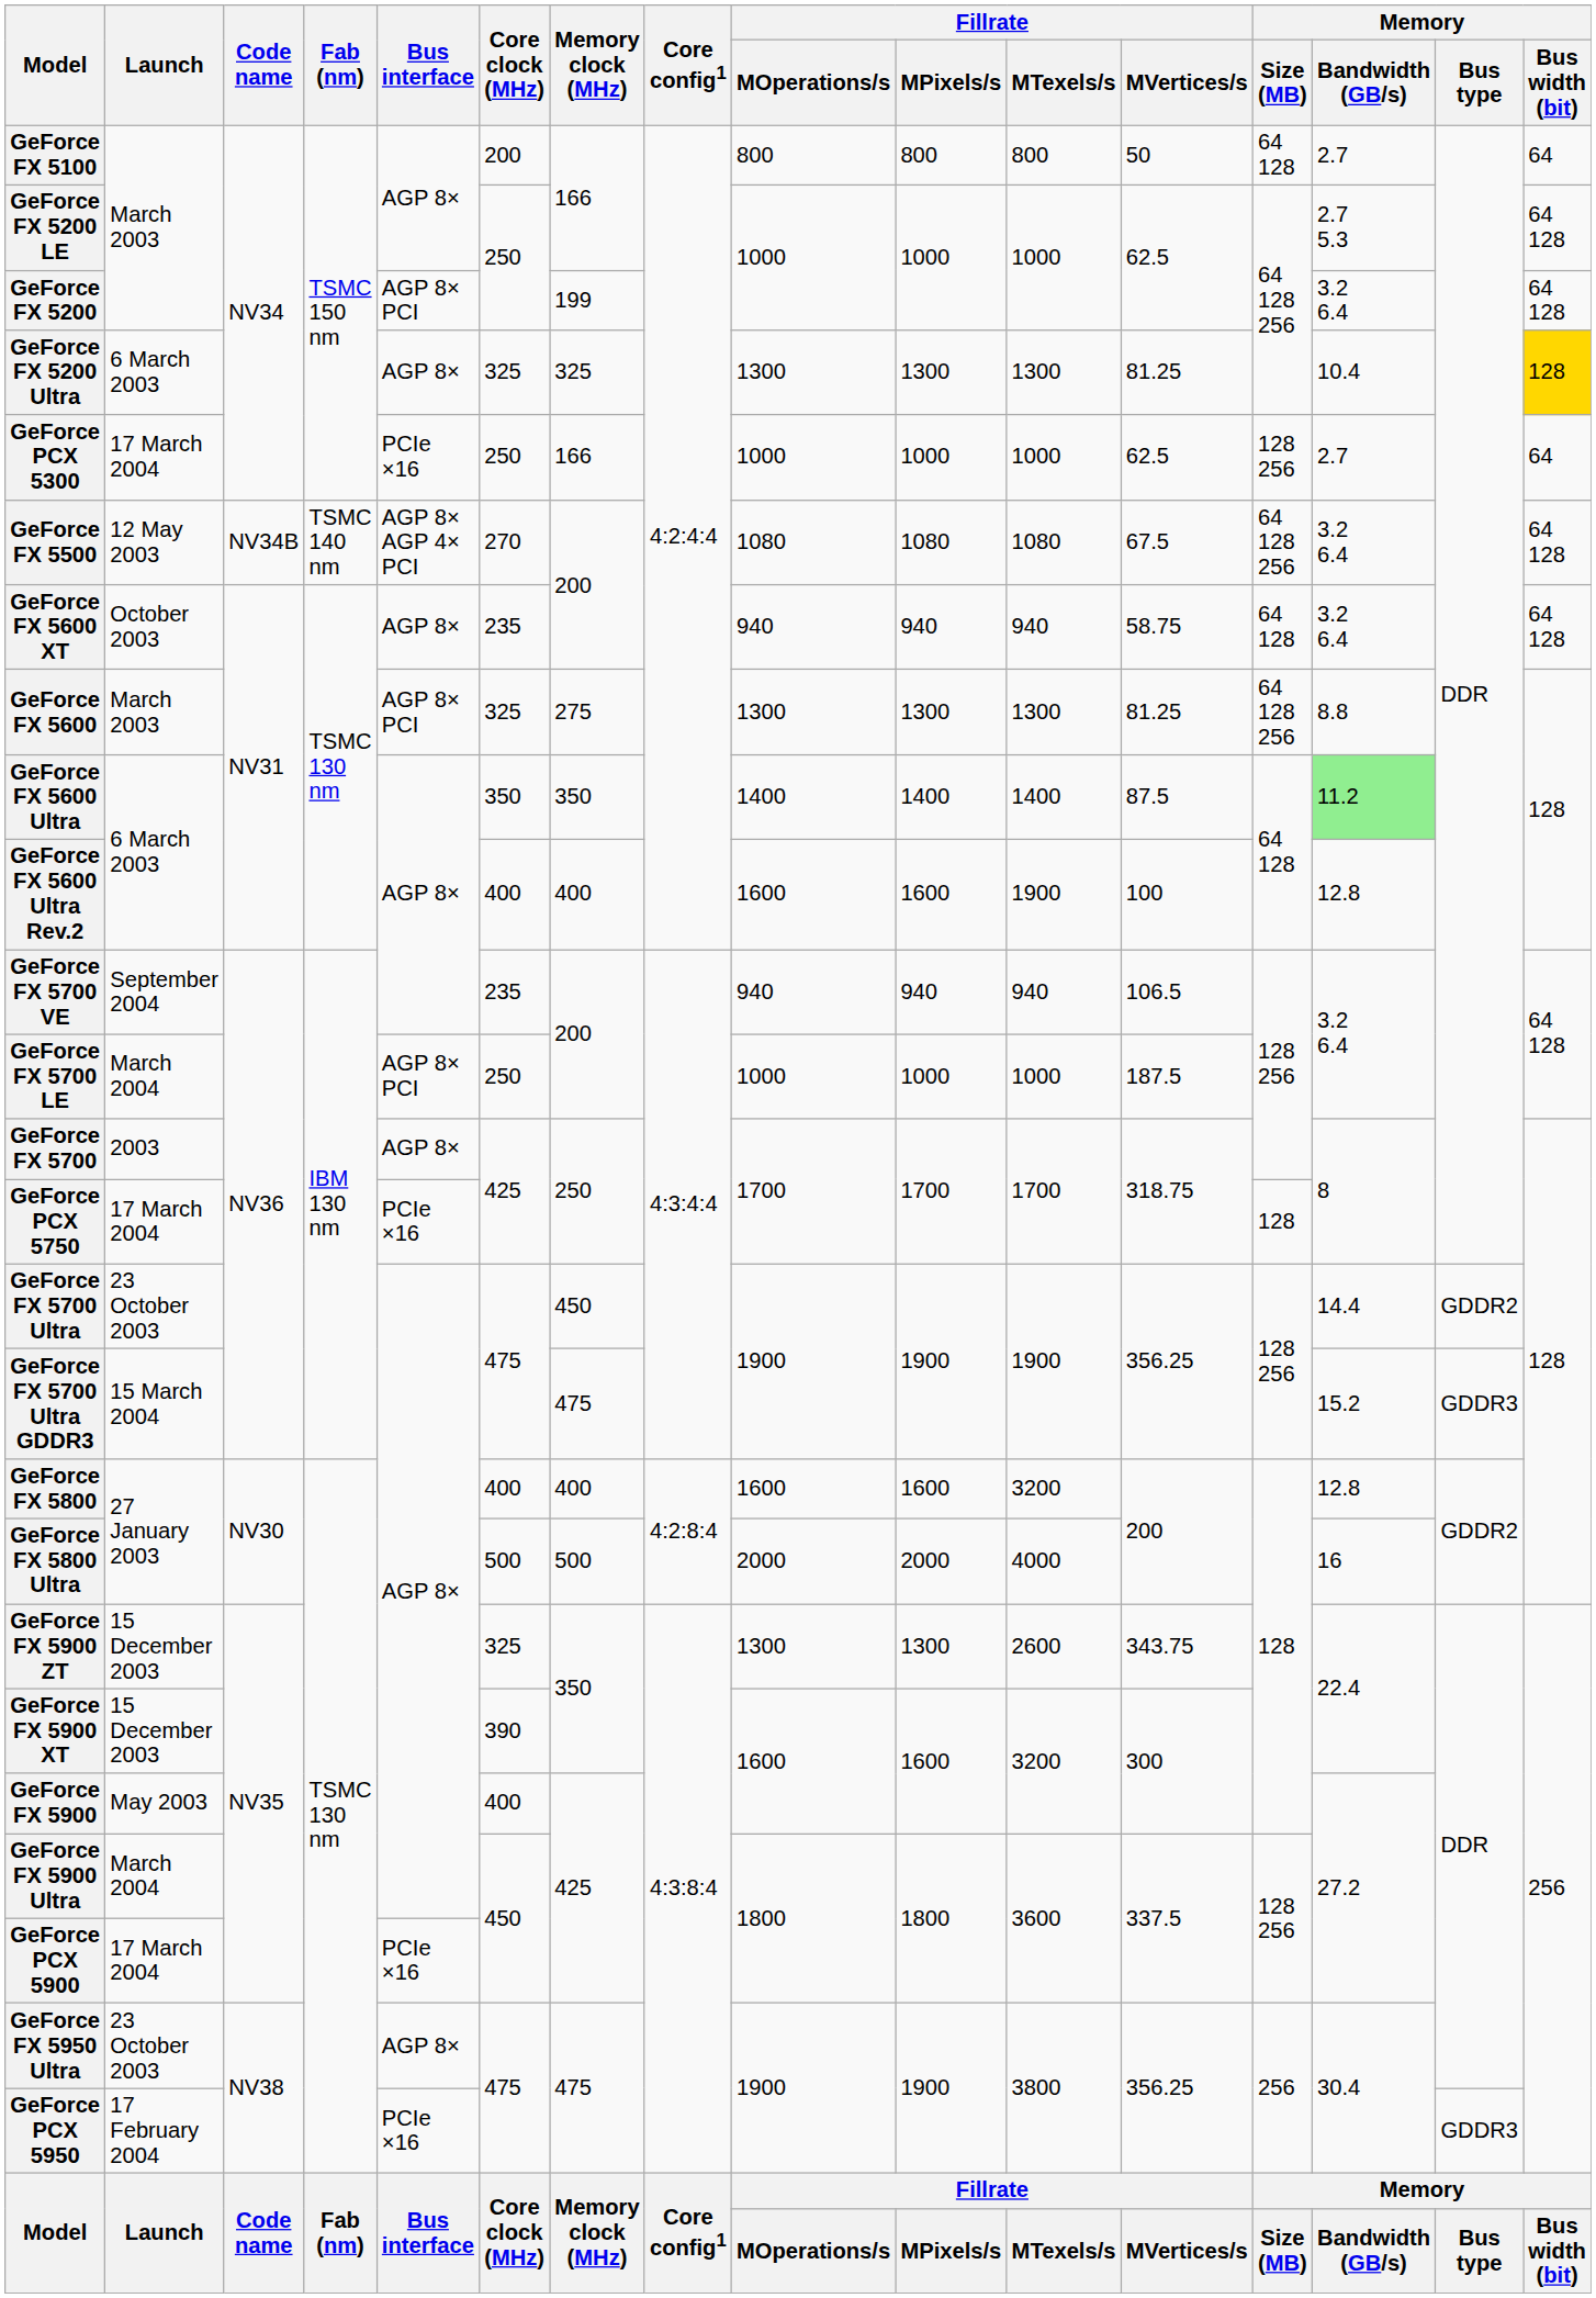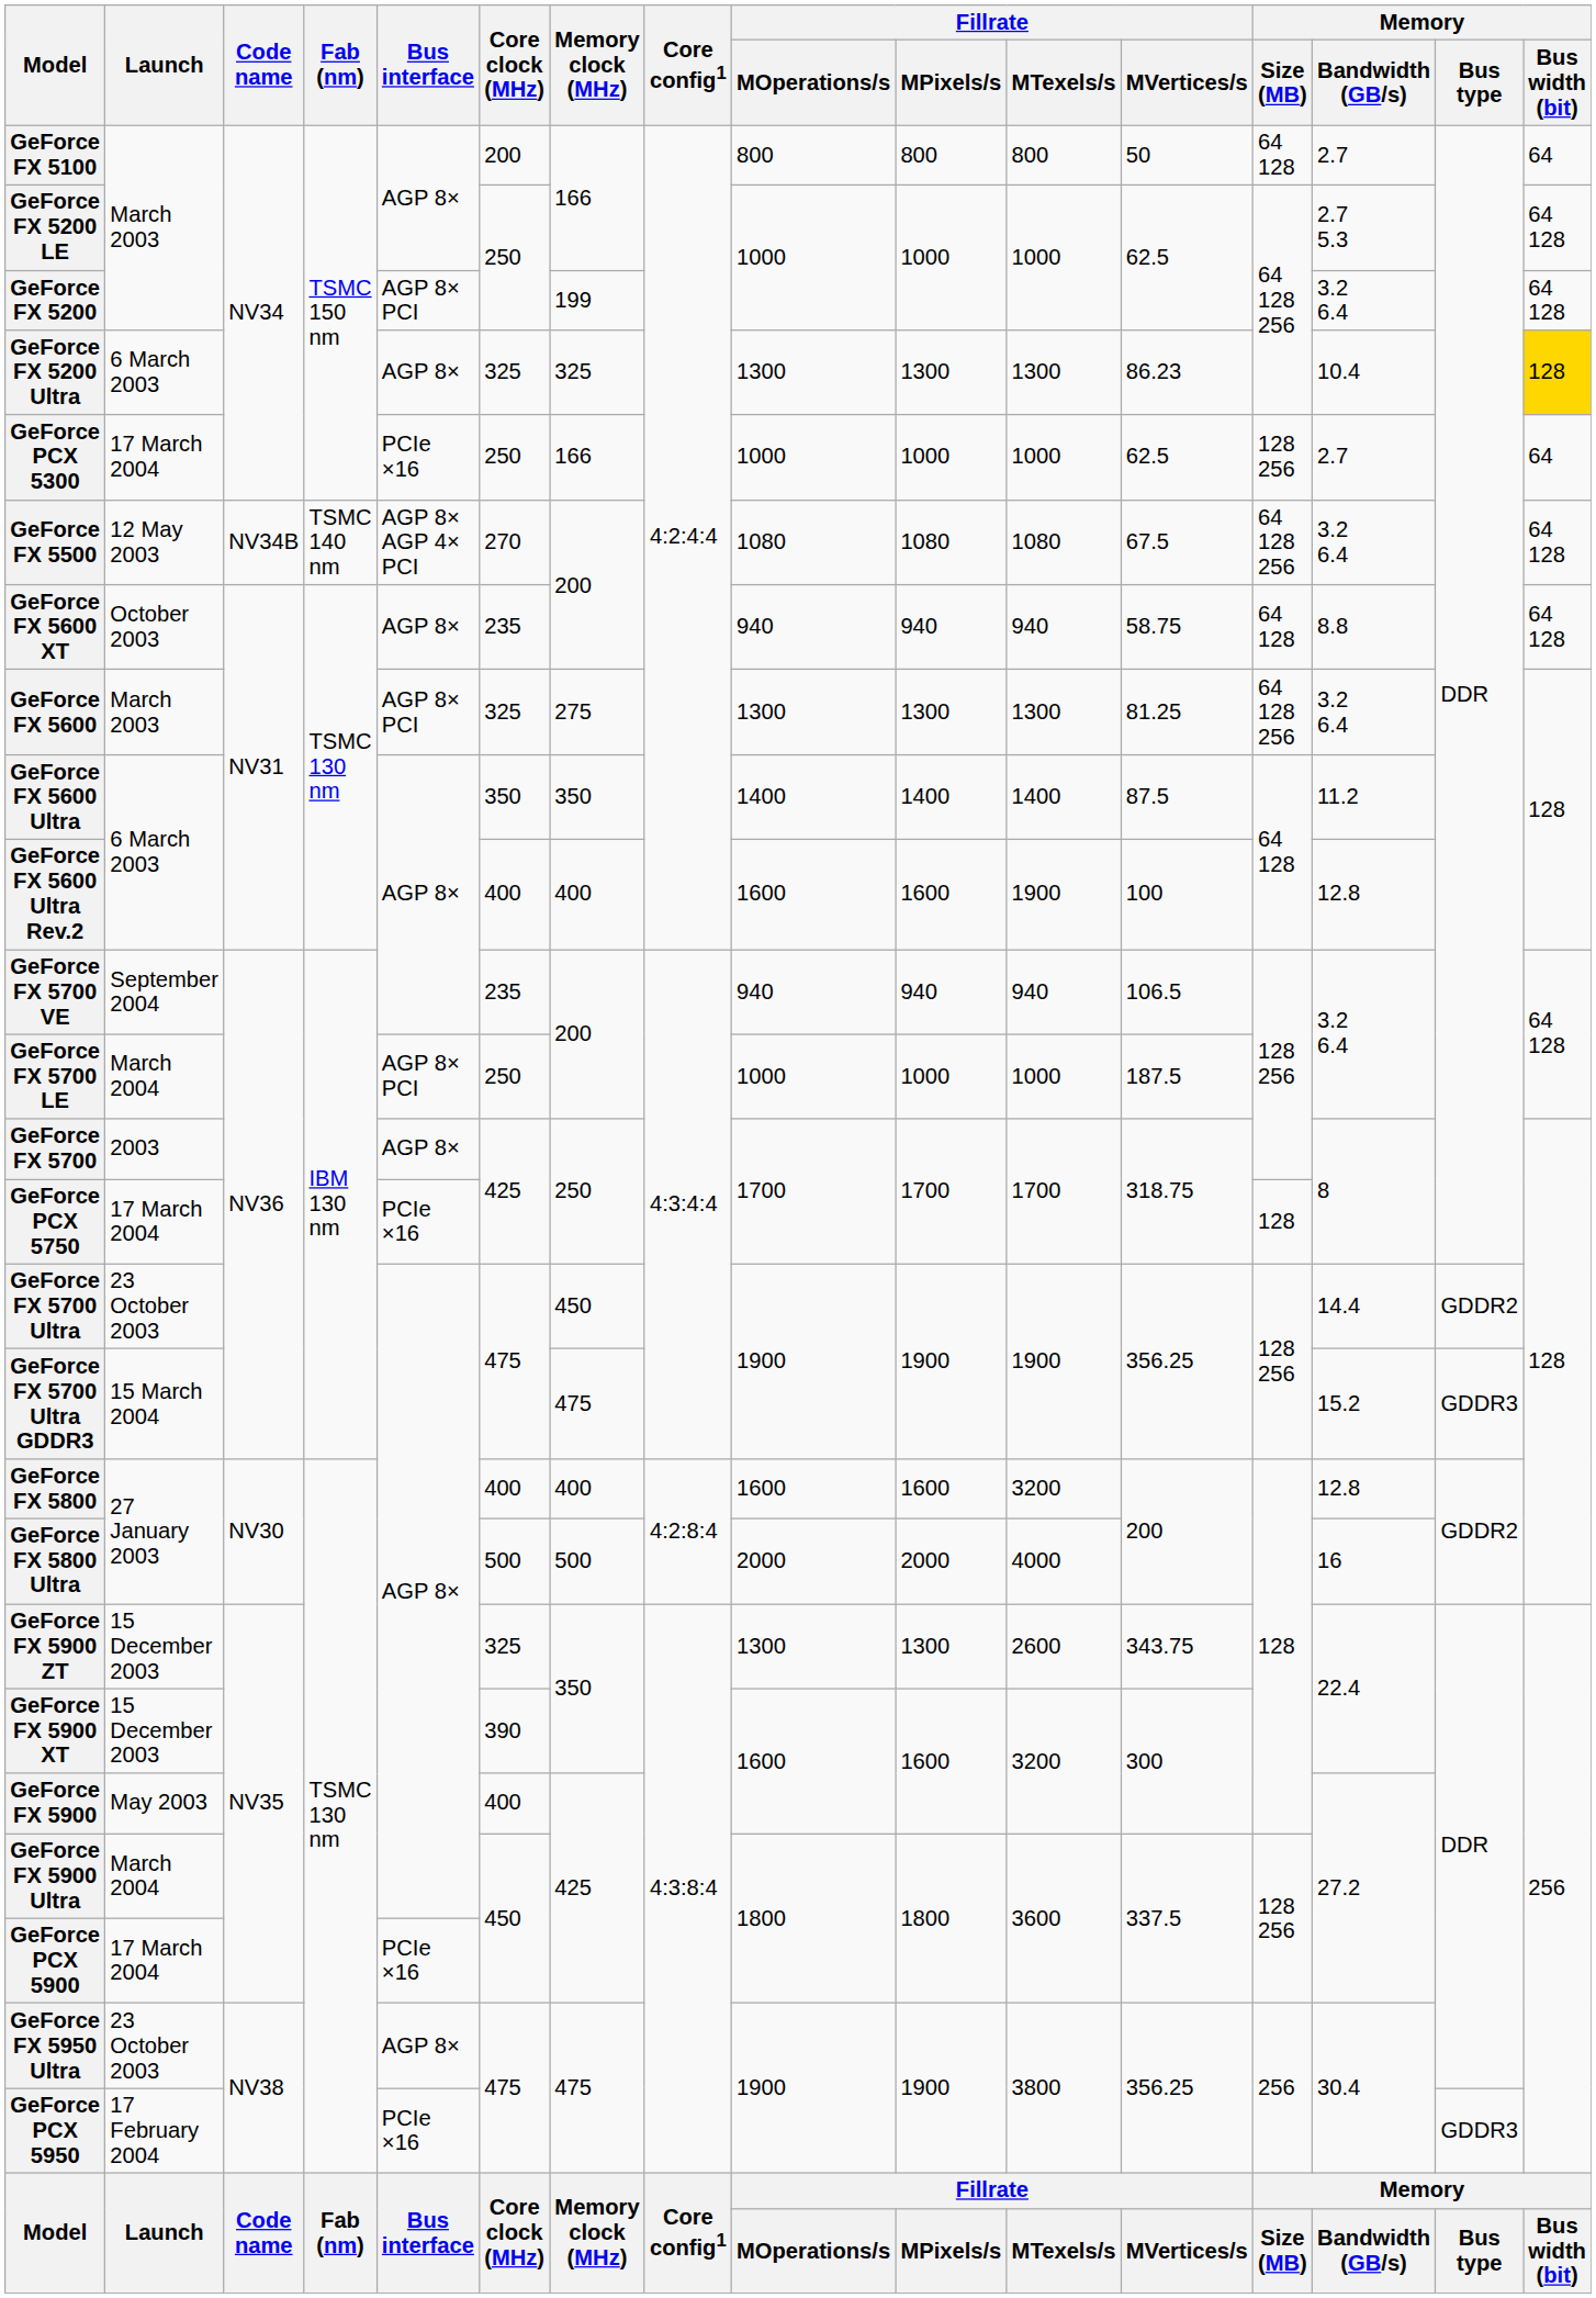 <table class="wikitable">
 <tr>
 <th rowspan="2">Model</th>
 <th rowspan="2">Launch</th>
 <th rowspan="2"><a href='#'>Code name</a></th>
 <th rowspan="2"><a href='#'>Fab</a> (<a href='#'>nm</a>)</th>
 <th rowspan="2"><a href='#'>Bus</a> <a href='#'>interface</a></th>
 <th rowspan="2">Core clock (<a href='#'>MHz</a>)</th>
 <th rowspan="2">Memory clock (<a href='#'>MHz</a>)</th>
 <th rowspan="2">Core config<sup>1</sup></th>
 <th colspan="4"><a href='#'>Fillrate</a></th>
 <th colspan="4">Memory</th>
 </tr>
 <tr>
 <th>MOperations/s</th>
 <th>MPixels/s</th>
 <th>MTexels/s</th>
 <th>MVertices/s</th>
 <th>Size (<a href='#'>MB</a>)</th>
 <th>Bandwidth (<a href='#'>GB</a>/s)</th>
 <th>Bus type</th>
 <th>Bus width (<a href='#'>bit</a>)</th>
 </tr>
 <tr>
 <th>GeForce FX 5100</th>
 <td rowspan="3">March 2003</td>
 <td rowspan="5">NV34</td>
 <td rowspan="5"><a href='#'>TSMC</a> 150 nm</td>
 <td rowspan="2">AGP 8×</td>
 <td>200</td>
 <td rowspan="2">166</td>
 <td rowspan="10">4:2:4:4</td>
 <td>800</td>
 <td>800</td>
 <td>800</td>
 <td>50</td>
 <td>64<br>128</td>
 <td>2.7</td>
 <td rowspan="14">DDR</td>
 <td>64</td>
 </tr>
 <tr>
 <th>GeForce FX 5200 LE</th>
 <td rowspan="2">250</td>
 <td rowspan="2">1000</td>
 <td rowspan="2">1000</td>
 <td rowspan="2">1000</td>
 <td rowspan="2">62.5</td>
 <td rowspan="3">64<br>128 256</td>
 <td>2.7<br>5.3</td>
 <td>64<br>128</td>
 </tr>
 <tr>
 <th>GeForce FX 5200</th>
 <td>AGP 8×<br>PCI</td>
 <td>199</td>
 <td>3.2<br>6.4</td>
 <td>64<br>128</td>
 </tr>
 <tr>
 <th>GeForce FX 5200 Ultra</th>
 <td>6 March 2003</td>
 <td>AGP 8×</td>
 <td>325</td>
 <td>325</td>
 <td>1300</td>
 <td>1300</td>
 <td>1300</td>
-<td>81.25</td>
+<td>86.23</td>
 <td>10.4</td>
 <td style="background: gold;">128</td>
 </tr>
 <tr>
 <th>GeForce PCX 5300</th>
 <td>17 March 2004</td>
 <td>PCIe ×16</td>
 <td>250</td>
 <td>166</td>
 <td>1000</td>
 <td>1000</td>
 <td>1000</td>
 <td>62.5</td>
 <td>128<br>256</td>
 <td>2.7</td>
 <td>64</td>
 </tr>
 <tr>
 <th>GeForce FX 5500</th>
 <td>12 May 2003</td>
 <td>NV34B</td>
 <td>TSMC 140 nm</td>
 <td>AGP 8×<br>AGP 4× PCI</td>
 <td>270</td>
 <td rowspan="2">200</td>
 <td>1080</td>
 <td>1080</td>
 <td>1080</td>
 <td>67.5</td>
 <td>64<br>128 256</td>
 <td>3.2<br>6.4</td>
 <td>64<br>128</td>
 </tr>
 <tr>
 <th>GeForce FX 5600 XT</th>
 <td>October 2003</td>
 <td rowspan="4">NV31</td>
 <td rowspan="4">TSMC <a href='#'>130 nm</a></td>
 <td>AGP 8×</td>
 <td>235</td>
 <td>940</td>
 <td>940</td>
 <td>940</td>
 <td>58.75</td>
 <td>64<br>128</td>
-<td>3.2<br>6.4</td>
+<td>8.8</td>
 <td>64<br>128</td>
 </tr>
 <tr>
 <th>GeForce FX 5600</th>
 <td>March 2003</td>
 <td>AGP 8×<br>PCI</td>
 <td>325</td>
 <td>275</td>
 <td>1300</td>
 <td>1300</td>
 <td>1300</td>
 <td>81.25</td>
 <td>64<br>128 256</td>
-<td>8.8</td>
+<td>3.2<br>6.4</td>
 <td rowspan="3">128</td>
 </tr>
 <tr>
 <th>GeForce FX 5600 Ultra</th>
 <td rowspan="2">6 March 2003</td>
 <td rowspan="3">AGP 8×</td>
 <td>350</td>
 <td>350</td>
 <td>1400</td>
 <td>1400</td>
 <td>1400</td>
 <td>87.5</td>
 <td rowspan="2">64<br>128</td>
-<td style="background: lightgreen;">11.2</td>
+<td>11.2</td>
 </tr>
 <tr>
 <th>GeForce FX 5600 Ultra Rev.2</th>
 <td>400</td>
 <td>400</td>
 <td>1600</td>
 <td>1600</td>
 <td>1900</td>
 <td>100</td>
 <td>12.8</td>
 </tr>
 <tr>
 <th>GeForce FX 5700 VE</th>
 <td>September 2004</td>
 <td rowspan="6">NV36</td>
 <td rowspan="6"><a href='#'>IBM</a> 130 nm</td>
 <td>235</td>
 <td rowspan="2">200</td>
 <td rowspan="6">4:3:4:4</td>
 <td>940</td>
 <td>940</td>
 <td>940</td>
 <td>106.5</td>
 <td rowspan="3">128<br>256</td>
 <td rowspan="2">3.2<br>6.4</td>
 <td rowspan="2">64<br>128</td>
 </tr>
 <tr>
 <th>GeForce FX 5700 LE</th>
 <td>March 2004</td>
 <td>AGP 8×<br>PCI</td>
 <td>250</td>
 <td>1000</td>
 <td>1000</td>
 <td>1000</td>
 <td>187.5</td>
 </tr>
 <tr>
 <th>GeForce FX 5700</th>
 <td>2003</td>
 <td>AGP 8×</td>
 <td rowspan="2">425</td>
 <td rowspan="2">250</td>
 <td rowspan="2">1700</td>
 <td rowspan="2">1700</td>
 <td rowspan="2">1700</td>
 <td rowspan="2">318.75</td>
 <td rowspan="2">8</td>
 <td rowspan="6">128</td>
 </tr>
 <tr>
 <th>GeForce PCX 5750</th>
 <td>17 March 2004</td>
 <td>PCIe ×16</td>
 <td>128</td>
 </tr>
 <tr>
 <th>GeForce FX 5700 Ultra</th>
 <td>23 October 2003</td>
 <td rowspan="8">AGP 8×</td>
 <td rowspan="2">475</td>
 <td>450</td>
 <td rowspan="2">1900</td>
 <td rowspan="2">1900</td>
 <td rowspan="2">1900</td>
 <td rowspan="2">356.25</td>
 <td rowspan="2">128<br>256</td>
 <td>14.4</td>
 <td>GDDR2</td>
 </tr>
 <tr>
 <th>GeForce FX 5700 Ultra GDDR3</th>
 <td>15 March 2004</td>
 <td>475</td>
 <td>15.2</td>
 <td>GDDR3</td>
 </tr>
 <tr>
 <th>GeForce FX 5800</th>
 <td rowspan="2">27 January 2003</td>
 <td rowspan="2">NV30</td>
 <td rowspan="9">TSMC 130 nm</td>
 <td>400</td>
 <td>400</td>
 <td rowspan="2">4:2:8:4</td>
 <td>1600</td>
 <td>1600</td>
 <td>3200</td>
 <td rowspan="2">200</td>
 <td rowspan="5">128</td>
 <td>12.8</td>
 <td rowspan="2">GDDR2</td>
 </tr>
 <tr>
 <th>GeForce FX 5800 Ultra</th>
 <td>500</td>
 <td>500</td>
 <td>2000</td>
 <td>2000</td>
 <td>4000</td>
 <td>16</td>
 </tr>
 <tr>
 <th>GeForce FX 5900 ZT</th>
 <td>15 December 2003</td>
 <td rowspan="5">NV35</td>
 <td>325</td>
 <td rowspan="2">350</td>
 <td rowspan="7">4:3:8:4</td>
 <td>1300</td>
 <td>1300</td>
 <td>2600</td>
 <td>343.75</td>
 <td rowspan="2">22.4</td>
 <td rowspan="6">DDR</td>
 <td rowspan="7">256</td>
 </tr>
 <tr>
 <th>GeForce FX 5900 XT</th>
 <td>15 December 2003</td>
 <td>390</td>
 <td rowspan="2">1600</td>
 <td rowspan="2">1600</td>
 <td rowspan="2">3200</td>
 <td rowspan="2">300</td>
 </tr>
 <tr>
 <th>GeForce FX 5900</th>
 <td>May 2003</td>
 <td>400</td>
 <td rowspan="3">425</td>
 <td rowspan="3">27.2</td>
 </tr>
 <tr>
 <th>GeForce FX 5900 Ultra</th>
 <td>March 2004</td>
 <td rowspan="2">450</td>
 <td rowspan="2">1800</td>
 <td rowspan="2">1800</td>
 <td rowspan="2">3600</td>
 <td rowspan="2">337.5</td>
 <td rowspan="2">128<br>256</td>
 </tr>
 <tr>
 <th>GeForce PCX 5900</th>
 <td>17 March 2004</td>
 <td>PCIe ×16</td>
 </tr>
 <tr>
 <th>GeForce FX 5950 Ultra</th>
 <td>23 October 2003</td>
 <td rowspan="2">NV38</td>
 <td>AGP 8×</td>
 <td rowspan="2">475</td>
 <td rowspan="2">475</td>
 <td rowspan="2">1900</td>
 <td rowspan="2">1900</td>
 <td rowspan="2">3800</td>
 <td rowspan="2">356.25</td>
 <td rowspan="2">256</td>
 <td rowspan="2">30.4</td>
 </tr>
 <tr>
 <th>GeForce PCX 5950</th>
 <td>17 February 2004</td>
 <td>PCIe ×16</td>
 <td>GDDR3</td>
 </tr>
 <tr>
 <th rowspan="2">Model</th>
 <th rowspan="2">Launch</th>
 <th rowspan="2"><a href='#'>Code name</a></th>
 <th rowspan="2">Fab (<a href='#'>nm</a>)</th>
 <th rowspan="2"><a href='#'>Bus</a> <a href='#'>interface</a></th>
 <th rowspan="2">Core clock (<a href='#'>MHz</a>)</th>
 <th rowspan="2">Memory clock (<a href='#'>MHz</a>)</th>
 <th rowspan="2">Core config<sup>1</sup></th>
 <th colspan="4"><a href='#'>Fillrate</a></th>
 <th colspan="4">Memory</th>
 </tr>
 <tr>
 <th>MOperations/s</th>
 <th>MPixels/s</th>
 <th>MTexels/s</th>
 <th>MVertices/s</th>
 <th>Size (<a href='#'>MB</a>)</th>
 <th>Bandwidth (<a href='#'>GB</a>/s)</th>
 <th>Bus type</th>
 <th>Bus width (<a href='#'>bit</a>)</th>
 </tr>
 </table>
